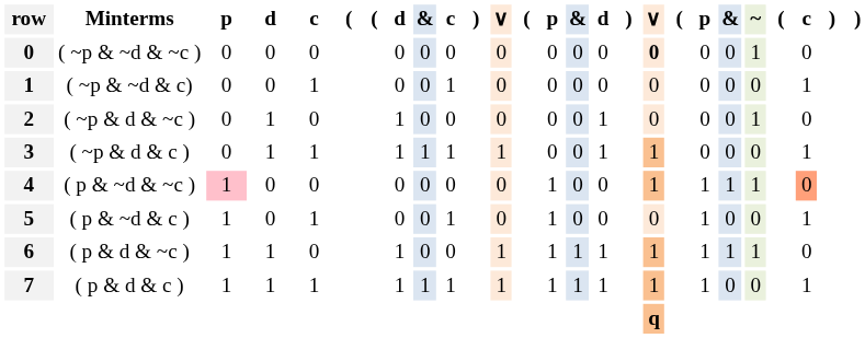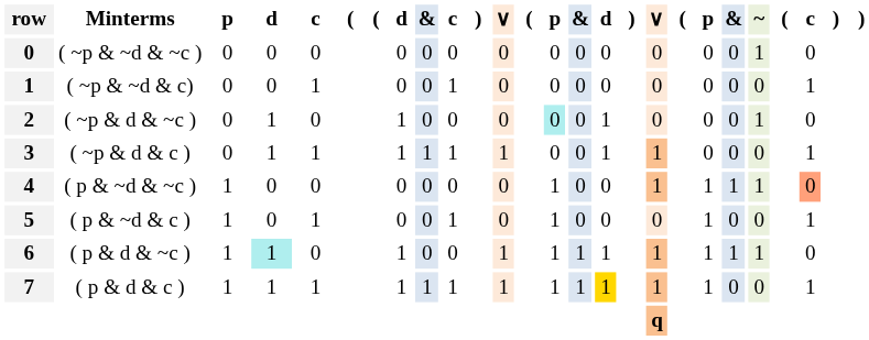 <table>
 <tr style="font-size:9pt;font-weight:bold" align="center">
 <td style="background-color:#F2F2F2" width="25.5" Height="12">row</td>
 <th>Minterms</th>
 <th width="21">p</th>
 <th width="21">d</th>
 <th width="21">c</th>
 <th width="10.5">(</th>
 <th width="10.5">(</th>
 <th width="10.5">d</th>
 <th style="background-color:#DBE5F1" width="10.5">&</th>
 <th width="10.5">c</th>
 <th width="10.5">)</th>
 <th style="background-color:#FDE9D9" width="10.5">∨</th>
 <th width="10.5">(</th>
 <th width="10.5">p</th>
 <th style="background-color:#DBE5F1" width="10.5">&</th>
 <th width="10.5">d</th>
 <th width="10.5">)</th>
 <th style="background-color:#FDE9D9" width="10.5">∨</th>
 <th width="10.5">(</th>
 <th width="10.5">p</th>
 <th style="background-color:#DBE5F1" width="10.5">&</th>
 <th style="background-color:#EAF1DD" width="10.5">~</th>
 <th width="10.5">(</th>
 <th width="10.5">c</th>
 <th width="10.5">)</th>
 <th width="10.5">)</th>
 </tr>
 <tr style="font-size:9pt" align="center">
 <td style="background-color:#F2F2F2;font-weight:bold" Height="12">0</td>
 <td>( ~p & ~d & ~c )</td>
 <td>0</td>
 <td>0</td>
 <td>0</td>
 <td></td>
 <td></td>
 <td>0</td>
 <td style="background-color:#DBE5F1">0</td>
 <td>0</td>
 <td></td>
 <td style="background-color:#FDE9D9">0</td>
 <td></td>
 <td>0</td>
 <td style="background-color:#DBE5F1">0</td>
 <td>0</td>
 <td></td>
-<td style="background-color:#FDE9D9"><strong>0</strong></td>
+<td style="background-color:#FDE9D9">0</td>
 <td></td>
 <td>0</td>
 <td style="background-color:#DBE5F1">0</td>
 <td style="background-color:#EAF1DD">1</td>
 <td></td>
 <td>0</td>
 <td></td>
 <td></td>
 </tr>
 <tr style="font-size:9pt" align="center">
 <td style="background-color:#F2F2F2;font-weight:bold" Height="12">1</td>
 <td>( ~p & ~d & c)</td>
 <td>0</td>
 <td>0</td>
 <td>1</td>
 <td></td>
 <td></td>
 <td>0</td>
 <td style="background-color:#DBE5F1">0</td>
 <td>1</td>
 <td></td>
 <td style="background-color:#FDE9D9">0</td>
 <td></td>
 <td>0</td>
 <td style="background-color:#DBE5F1">0</td>
 <td>0</td>
 <td></td>
 <td style="background-color:#FDE9D9">0</td>
 <td></td>
 <td>0</td>
 <td style="background-color:#DBE5F1">0</td>
 <td style="background-color:#EAF1DD">0</td>
 <td></td>
 <td>1</td>
 <td></td>
 <td></td>
 </tr>
 <tr style="font-size:9pt" align="center">
 <td style="background-color:#F2F2F2;font-weight:bold" Height="12">2</td>
 <td>( ~p & d & ~c )</td>
 <td>0</td>
 <td>1</td>
 <td>0</td>
 <td></td>
 <td></td>
 <td>1</td>
 <td style="background-color:#DBE5F1">0</td>
 <td>0</td>
 <td></td>
 <td style="background-color:#FDE9D9">0</td>
 <td></td>
-<td>0</td>
+<td style="background: paleturquoise;">0</td>
 <td style="background-color:#DBE5F1">0</td>
 <td>1</td>
 <td></td>
 <td style="background-color:#FDE9D9">0</td>
 <td></td>
 <td>0</td>
 <td style="background-color:#DBE5F1">0</td>
 <td style="background-color:#EAF1DD">1</td>
 <td></td>
 <td>0</td>
 <td></td>
 <td></td>
 </tr>
 <tr style="font-size:9pt" align="center">
 <td style="background-color:#F2F2F2;font-weight:bold" Height="12">3</td>
 <td>( ~p & d & c )</td>
 <td>0</td>
 <td>1</td>
 <td>1</td>
 <td></td>
 <td></td>
 <td>1</td>
 <td style="background-color:#DBE5F1">1</td>
 <td>1</td>
 <td></td>
 <td style="background-color:#FDE9D9">1</td>
 <td></td>
 <td>0</td>
 <td style="background-color:#DBE5F1">0</td>
 <td>1</td>
 <td></td>
 <td style="background-color:#FAC090">1</td>
 <td></td>
 <td>0</td>
 <td style="background-color:#DBE5F1">0</td>
 <td style="background-color:#EAF1DD">0</td>
 <td></td>
 <td>1</td>
 <td></td>
 <td></td>
 </tr>
 <tr style="font-size:9pt" align="center">
 <td style="background-color:#F2F2F2;font-weight:bold" Height="12">4</td>
 <td>( p & ~d & ~c )</td>
-<td style="background: pink;">1</td>
+<td>1</td>
 <td>0</td>
 <td>0</td>
 <td></td>
 <td></td>
 <td>0</td>
 <td style="background-color:#DBE5F1">0</td>
 <td>0</td>
 <td></td>
 <td style="background-color:#FDE9D9">0</td>
 <td></td>
 <td>1</td>
 <td style="background-color:#DBE5F1">0</td>
 <td>0</td>
 <td></td>
 <td style="background-color:#FAC090">1</td>
 <td></td>
 <td>1</td>
 <td style="background-color:#DBE5F1">1</td>
 <td style="background-color:#EAF1DD">1</td>
 <td></td>
 <td style="background: lightsalmon;">0</td>
 <td></td>
 <td></td>
 </tr>
 <tr style="font-size:9pt" align="center">
 <td style="background-color:#F2F2F2;font-weight:bold" Height="12">5</td>
 <td>( p & ~d & c )</td>
 <td>1</td>
 <td>0</td>
 <td>1</td>
 <td></td>
 <td></td>
 <td>0</td>
 <td style="background-color:#DBE5F1">0</td>
 <td>1</td>
 <td></td>
 <td style="background-color:#FDE9D9">0</td>
 <td></td>
 <td>1</td>
 <td style="background-color:#DBE5F1">0</td>
 <td>0</td>
 <td></td>
 <td style="background-color:#FDE9D9">0</td>
 <td></td>
 <td>1</td>
 <td style="background-color:#DBE5F1">0</td>
 <td style="background-color:#EAF1DD">0</td>
 <td></td>
 <td>1</td>
 <td></td>
 <td></td>
 </tr>
 <tr style="font-size:9pt" align="center">
 <td style="background-color:#F2F2F2;font-weight:bold" Height="12">6</td>
 <td>( p & d & ~c )</td>
 <td>1</td>
-<td>1</td>
+<td style="background: paleturquoise;">1</td>
 <td>0</td>
 <td></td>
 <td></td>
 <td>1</td>
 <td style="background-color:#DBE5F1">0</td>
 <td>0</td>
 <td></td>
 <td style="background-color:#FDE9D9">1</td>
 <td></td>
 <td>1</td>
 <td style="background-color:#DBE5F1">1</td>
 <td>1</td>
 <td></td>
 <td style="background-color:#FAC090">1</td>
 <td></td>
 <td>1</td>
 <td style="background-color:#DBE5F1">1</td>
 <td style="background-color:#EAF1DD">1</td>
 <td></td>
 <td>0</td>
 <td></td>
 <td></td>
 </tr>
 <tr style="font-size:9pt" align="center">
 <td style="background-color:#F2F2F2;font-weight:bold" Height="12">7</td>
 <td>( p & d & c )</td>
 <td>1</td>
 <td>1</td>
 <td>1</td>
 <td></td>
 <td></td>
 <td>1</td>
 <td style="background-color:#DBE5F1">1</td>
 <td>1</td>
 <td></td>
 <td style="background-color:#FDE9D9">1</td>
 <td></td>
 <td>1</td>
 <td style="background-color:#DBE5F1">1</td>
-<td>1</td>
+<td style="background: gold;">1</td>
 <td></td>
 <td style="background-color:#FAC090">1</td>
 <td></td>
 <td>1</td>
 <td style="background-color:#DBE5F1">0</td>
 <td style="background-color:#EAF1DD">0</td>
 <td></td>
 <td>1</td>
 <td></td>
 <td></td>
 </tr>
 <tr style="font-size:9pt">
 <td Height="12"  valign="bottom"></td>
 <td align="center" valign="bottom"></td>
 <td valign="bottom"></td>
 <td valign="bottom"></td>
 <td valign="bottom"></td>
 <td valign="bottom"></td>
 <td valign="bottom"></td>
 <td valign="bottom"></td>
 <td valign="bottom"></td>
 <td valign="bottom"></td>
 <td valign="bottom"></td>
 <td valign="bottom"></td>
 <td valign="bottom"></td>
 <td valign="bottom"></td>
 <td valign="bottom"></td>
 <td valign="bottom"></td>
 <td valign="bottom"></td>
 <td style="background-color:#FAC090;font-weight:bold" align="center">q</td>
 <td valign="bottom"></td>
 <td valign="bottom"></td>
 <td valign="bottom"></td>
 <td valign="bottom"></td>
 <td valign="bottom"></td>
 <td valign="bottom"></td>
 <td valign="bottom"></td>
 <td valign="bottom"></td>
 </tr>
 </table>
